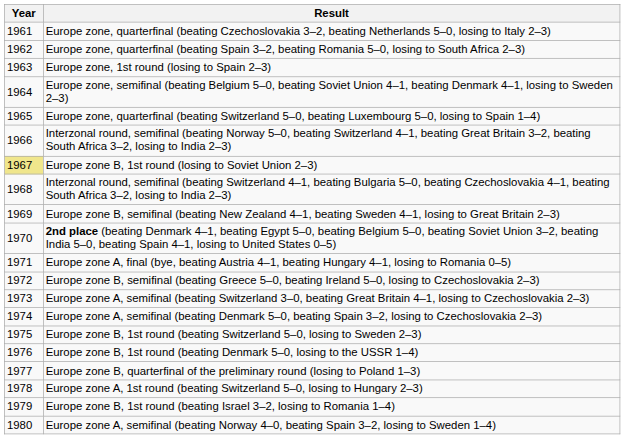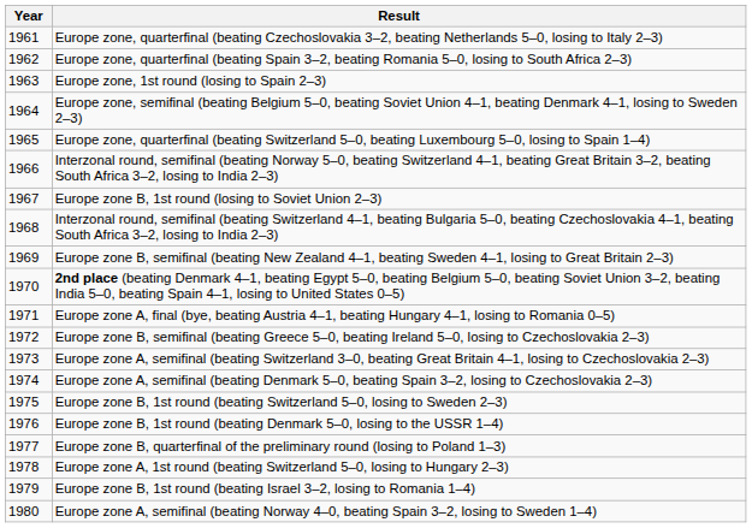 <table class="wikitable collapsible collapsed">
 <tr>
 <th width="50">Year</th>
 <th width="975">Result</th>
 </tr>
 <tr>
 <td>1961</td>
 <td>Europe zone, quarterfinal (beating Czechoslovakia 3–2, beating Netherlands 5–0, losing to Italy 2–3)</td>
 </tr>
 <tr>
 <td>1962</td>
 <td>Europe zone, quarterfinal (beating Spain 3–2, beating Romania 5–0, losing to South Africa 2–3)</td>
 </tr>
 <tr>
 <td>1963</td>
 <td>Europe zone, 1st round (losing to Spain 2–3)</td>
 </tr>
 <tr>
 <td>1964</td>
 <td>Europe zone, semifinal (beating Belgium 5–0, beating Soviet Union 4–1, beating Denmark 4–1, losing to Sweden 2–3)</td>
 </tr>
 <tr>
 <td>1965</td>
 <td>Europe zone, quarterfinal (beating Switzerland 5–0, beating Luxembourg 5–0, losing to Spain 1–4)</td>
 </tr>
 <tr>
 <td>1966</td>
 <td>Interzonal round, semifinal (beating Norway 5–0, beating Switzerland 4–1, beating Great Britain 3–2, beating South Africa 3–2, losing to India 2–3)</td>
 </tr>
 <tr>
-<td style="background: khaki;">1967</td>
+<td>1967</td>
 <td>Europe zone B, 1st round (losing to Soviet Union 2–3)</td>
 </tr>
 <tr>
 <td>1968</td>
 <td>Interzonal round, semifinal (beating Switzerland 4–1, beating Bulgaria 5–0, beating Czechoslovakia 4–1, beating South Africa 3–2, losing to India 2–3)</td>
 </tr>
 <tr>
 <td>1969</td>
 <td>Europe zone B, semifinal (beating New Zealand 4–1, beating Sweden 4–1, losing to Great Britain 2–3)</td>
 </tr>
 <tr>
 <td>1970</td>
 <td><strong>2nd place</strong> (beating Denmark 4–1, beating Egypt 5–0, beating Belgium 5–0, beating Soviet Union 3–2, beating India 5–0, beating Spain 4–1, losing to United States 0–5)</td>
 </tr>
 <tr>
 <td>1971</td>
 <td>Europe zone A, final (bye, beating Austria 4–1, beating Hungary 4–1, losing to Romania 0–5)</td>
 </tr>
 <tr>
 <td>1972</td>
 <td>Europe zone B, semifinal (beating Greece 5–0, beating Ireland 5–0, losing to Czechoslovakia 2–3)</td>
 </tr>
 <tr>
 <td>1973</td>
 <td>Europe zone A, semifinal (beating Switzerland 3–0, beating Great Britain 4–1, losing to Czechoslovakia 2–3)</td>
 </tr>
 <tr>
 <td>1974</td>
 <td>Europe zone A, semifinal (beating Denmark 5–0, beating Spain 3–2, losing to Czechoslovakia 2–3)</td>
 </tr>
 <tr>
 <td>1975</td>
 <td>Europe zone B, 1st round (beating Switzerland 5–0, losing to Sweden 2–3)</td>
 </tr>
 <tr>
 <td>1976</td>
 <td>Europe zone B, 1st round (beating Denmark 5–0, losing to the USSR 1–4)</td>
 </tr>
 <tr>
 <td>1977</td>
 <td>Europe zone B, quarterfinal of the preliminary round (losing to Poland 1–3)</td>
 </tr>
 <tr>
 <td>1978</td>
 <td>Europe zone A, 1st round (beating Switzerland 5–0, losing to Hungary 2–3)</td>
 </tr>
 <tr>
 <td>1979</td>
 <td>Europe zone B, 1st round (beating Israel 3–2, losing to Romania 1–4)</td>
 </tr>
 <tr>
 <td>1980</td>
 <td>Europe zone A, semifinal (beating Norway 4–0, beating Spain 3–2, losing to Sweden 1–4)</td>
 </tr>
 </table>
